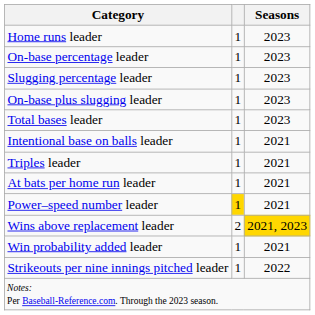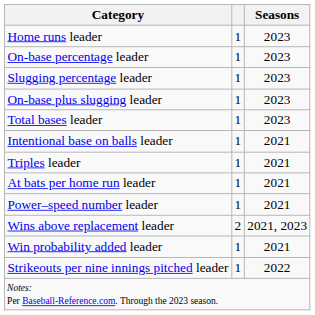 <table class="wikitable">
 <tr>
 <th>Category</th>
 <th></th>
 <th>Seasons</th>
 </tr>
 <tr>
 <td><a href='#'>Home runs</a> leader</td>
 <td style="text-align:center;">1</td>
 <td style="text-align:center;">2023</td>
 </tr>
 <tr>
 <td><a href='#'>On-base percentage</a> leader</td>
 <td style="text-align:center;">1</td>
 <td style="text-align:center;">2023</td>
 </tr>
 <tr>
 <td><a href='#'>Slugging percentage</a> leader</td>
 <td style="text-align:center;">1</td>
 <td style="text-align:center;">2023</td>
 </tr>
 <tr>
 <td><a href='#'>On-base plus slugging</a> leader</td>
 <td style="text-align:center;">1</td>
 <td style="text-align:center;">2023</td>
 </tr>
 <tr>
 <td><a href='#'>Total bases</a> leader</td>
 <td style="text-align:center;">1</td>
 <td style="text-align:center;">2023</td>
 </tr>
 <tr>
 <td><a href='#'>Intentional base on balls</a> leader</td>
 <td style="text-align:center;">1</td>
 <td style="text-align:center;">2021</td>
 </tr>
 <tr>
 <td><a href='#'>Triples</a> leader</td>
 <td style="text-align:center;">1</td>
 <td style="text-align:center;">2021</td>
 </tr>
 <tr>
 <td><a href='#'>At bats per home run</a> leader</td>
 <td style="text-align:center;">1</td>
 <td style="text-align:center;">2021</td>
 </tr>
 <tr>
 <td><a href='#'>Power–speed number</a> leader</td>
-<td style="background: gold; text-align:center;">1</td>
+<td style="text-align:center;">1</td>
 <td style="text-align:center;">2021</td>
 </tr>
 <tr>
 <td><a href='#'>Wins above replacement</a> leader</td>
 <td style="text-align:center;">2</td>
-<td style="background: gold; text-align:center;">2021, 2023</td>
+<td style="text-align:center;">2021, 2023</td>
 </tr>
 <tr>
 <td><a href='#'>Win probability added</a> leader</td>
 <td style="text-align:center;">1</td>
 <td style="text-align:center;">2021</td>
 </tr>
 <tr>
 <td><a href='#'>Strikeouts per nine innings pitched</a> leader</td>
 <td style="text-align:center;">1</td>
 <td style="text-align:center;">2022</td>
 </tr>
 <tr>
 <td colspan="3" style="font-size:86%"><small><em>Notes:</em><br> Per <a href='#'>Baseball-Reference.com</a>. Through the 2023 season.</small></td>
 </tr>
 </table>
